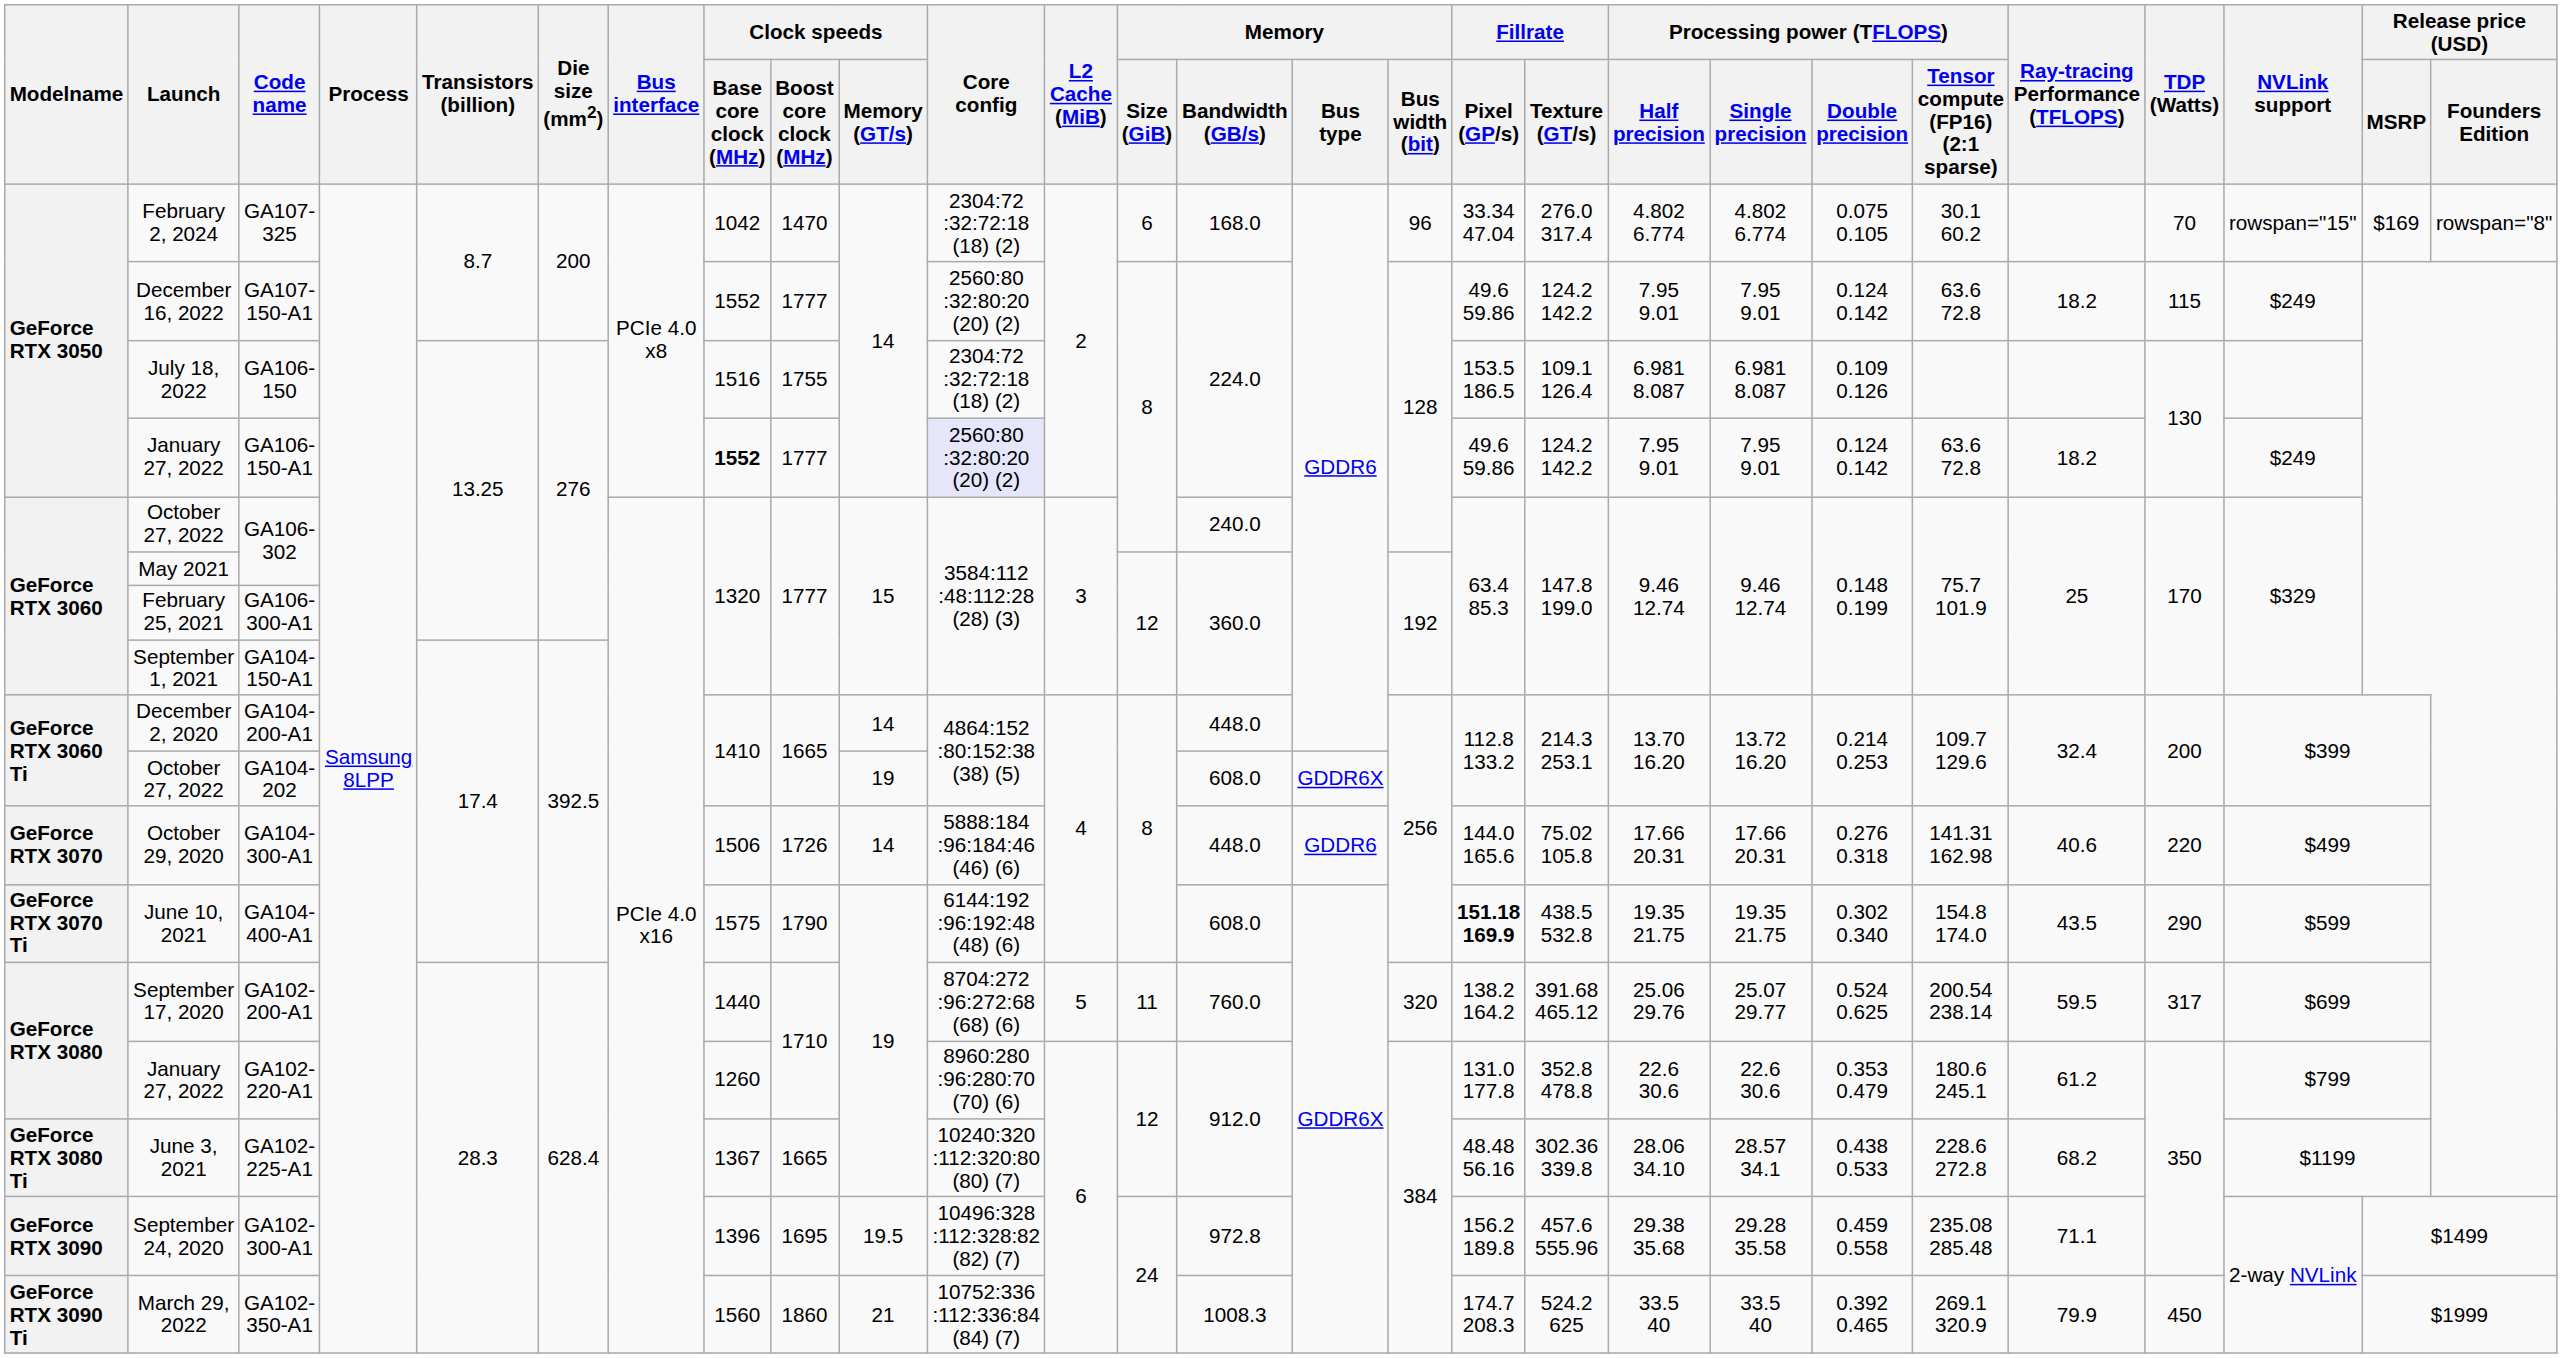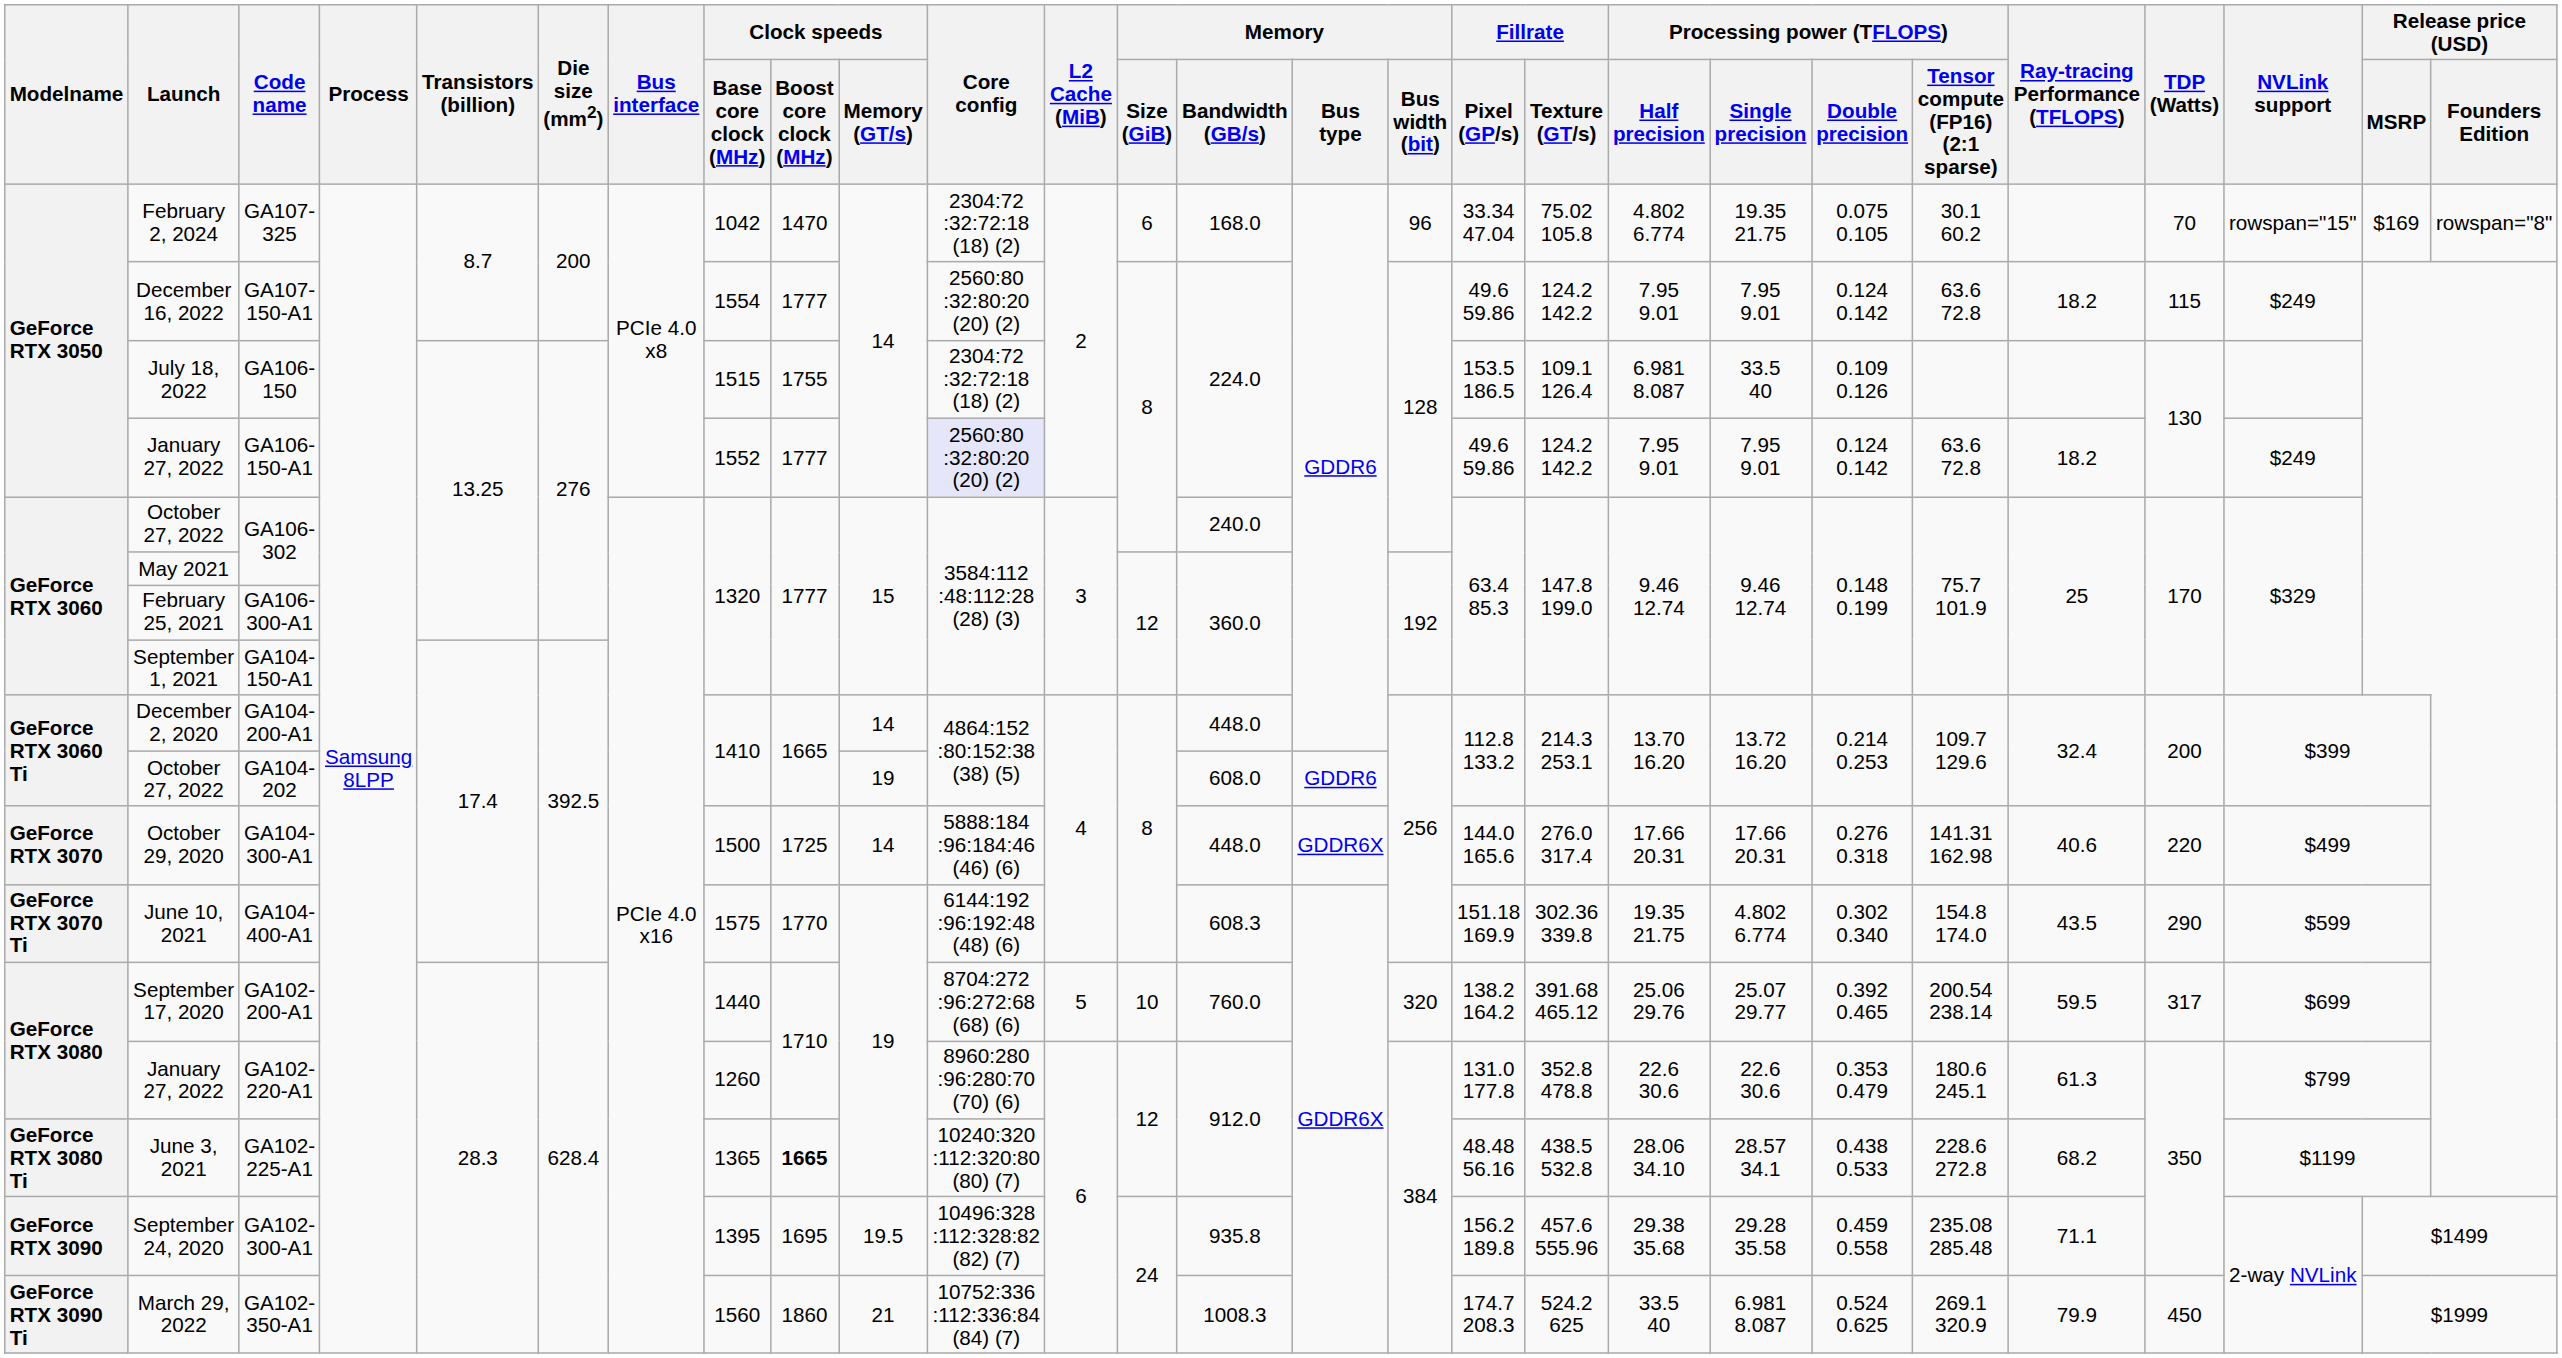 <table class="mw-datatable wikitable sortable sort-under" style="font-size:85%; text-align:center;">
 <tr>
 <th rowspan="2">Modelname</th>
 <th rowspan="2">Launch</th>
 <th rowspan="2"><a href='#'>Code name</a></th>
 <th rowspan="2">Process</th>
 <th rowspan="2">Transistors (billion)</th>
 <th rowspan="2">Die size (mm<sup>2</sup>)</th>
 <th rowspan="2"><a href='#'>Bus</a> <a href='#'>interface</a></th>
 <th colspan="3">Clock speeds</th>
 <th rowspan="2">Core config </th>
 <th rowspan="2"><a href='#'>L2 Cache</a><br>(<a href='#'>MiB</a>)</th>
 <th colspan="4">Memory</th>
 <th colspan="2"><a href='#'>Fillrate</a></th>
 <th colspan="4">Processing power (T<a href='#'>FLOPS</a>)</th>
 <th rowspan="2"><a href='#'>Ray-tracing</a> Performance (<a href='#'>TFLOPS</a>)</th>
 <th rowspan="2"><a href='#'>TDP</a> (Watts)</th>
 <th rowspan="2"><a href='#'>NVLink</a> support</th>
 <th colspan="2">Release price (USD)</th>
 </tr>
 <tr>
 <th>Base core clock (<a href='#'>MHz</a>)</th>
 <th>Boost core clock (<a href='#'>MHz</a>)</th>
 <th>Memory (<a href='#'>GT/s</a>)</th>
 <th>Size (<a href='#'>GiB</a>)</th>
 <th>Bandwidth (<a href='#'>GB/s</a>)</th>
 <th>Bus type</th>
 <th>Bus width (<a href='#'>bit</a>)</th>
 <th>Pixel (<a href='#'>GP</a>/s)</th>
 <th>Texture (<a href='#'>GT</a>/s)</th>
 <th><a href='#'>Half precision</a></th>
 <th><a href='#'>Single precision</a></th>
 <th><a href='#'>Double precision</a></th>
 <th><a href='#'>Tensor</a> compute (FP16) (2:1 sparse)</th>
 <th>MSRP</th>
 <th>Founders Edition</th>
 </tr>
 <tr>
 <th style="text-align:left;" rowspan="4">GeForce RTX 3050 </th>
 <td>February 2, 2024</td>
 <td>GA107-325</td>
 <td rowspan="17"><a href='#'>Samsung</a><br><a href='#'>8LPP</a></td>
 <td rowspan="2">8.7</td>
 <td rowspan="2">200</td>
 <td rowspan="4">PCIe 4.0<br>x8</td>
 <td rowspan="1">1042</td>
 <td rowspan="1">1470</td>
 <td rowspan="4">14</td>
 <td rowspan="1">2304:72 :32:72:18 <br>(18) (2)</td>
 <td rowspan="4">2</td>
 <td rowspan="1">6</td>
 <td rowspan="1">168.0</td>
 <td rowspan="9"><a href='#'>GDDR6</a></td>
 <td rowspan="1">96</td>
 <td rowspan="1">33.34<br>47.04</td>
-<td>276.0<br>317.4</td>
+<td rowspan="1">75.02<br>105.8</td>
 <td rowspan="1">4.802<br>6.774</td>
-<td rowspan="1">4.802<br>6.774</td>
+<td>19.35<br>21.75</td>
 <td rowspan="1">0.075<br>0.105</td>
 <td rowspan="1">30.1<br>60.2</td>
 <td rowspan="1"></td>
 <td>70</td>
 <td>rowspan="15" </td>
 <td rowspan="1">$169</td>
 <td>rowspan="8" </td>
 </tr>
 <tr>
 <td>December 16, 2022</td>
 <td>GA107-150-A1</td>
-<td rowspan="1">1552</td>
+<td rowspan="1">1554</td>
 <td rowspan="1">1777</td>
 <td rowspan="1">2560:80 :32:80:20 <br>(20) (2)</td>
 <td rowspan="4">8</td>
 <td rowspan="3">224.0</td>
 <td rowspan="4">128</td>
 <td rowspan="1">49.6<br>59.86</td>
 <td rowspan="1">124.2<br>142.2</td>
 <td rowspan="1">7.95<br>9.01</td>
 <td rowspan="1">7.95<br>9.01</td>
 <td rowspan="1">0.124<br>0.142</td>
 <td rowspan="1">63.6<br>72.8</td>
 <td rowspan="1">18.2</td>
 <td>115</td>
 <td rowspan="1">$249</td>
 </tr>
 <tr>
 <td>July 18, 2022</td>
 <td>GA106-150</td>
 <td rowspan="5">13.25</td>
 <td rowspan="5">276</td>
-<td rowspan="1">1516</td>
+<td rowspan="1">1515</td>
 <td rowspan="1">1755</td>
 <td rowspan="1">2304:72 :32:72:18 <br>(18) (2)</td>
 <td>153.5<br>186.5</td>
 <td rowspan="1">109.1<br>126.4</td>
 <td rowspan="1">6.981<br>8.087</td>
-<td rowspan="1">6.981<br>8.087</td>
+<td>33.5<br>40</td>
 <td rowspan="1">0.109<br>0.126</td>
 <td rowspan="1"></td>
 <td rowspan="1"></td>
 <td rowspan="2">130</td>
 <td> </td>
 </tr>
 <tr>
 <td>January 27, 2022 </td>
 <td>GA106-150-A1</td>
-<td rowspan="1"><strong>1552</strong></td>
+<td rowspan="1">1552</td>
 <td rowspan="1">1777</td>
 <td rowspan="1" style="background: lavender;">2560:80 :32:80:20 <br>(20) (2)</td>
 <td rowspan="1">49.6<br>59.86</td>
 <td rowspan="1">124.2<br>142.2</td>
 <td rowspan="1">7.95<br>9.01</td>
 <td rowspan="1">7.95<br>9.01</td>
 <td rowspan="1">0.124<br>0.142</td>
 <td rowspan="1">63.6<br>72.8</td>
 <td rowspan="1">18.2</td>
 <td rowspan="1">$249</td>
 </tr>
 <tr>
 <th style="text-align:left;" rowspan="4">GeForce RTX 3060 </th>
 <td>October 27, 2022 </td>
 <td rowspan="2">GA106-302</td>
 <td rowspan="13">PCIe 4.0<br>x16</td>
 <td rowspan="4">1320</td>
 <td rowspan="4">1777</td>
 <td rowspan="4">15</td>
 <td rowspan="4">3584:112 :48:112:28 <br>(28) (3)</td>
 <td rowspan="4">3</td>
 <td>240.0</td>
 <td rowspan="4">63.4<br>85.3</td>
 <td rowspan="4">147.8<br>199.0</td>
 <td rowspan="4">9.46<br>12.74</td>
 <td rowspan="4">9.46<br>12.74</td>
 <td rowspan="4">0.148<br>0.199</td>
 <td rowspan="4">75.7<br>101.9</td>
 <td rowspan="4">25</td>
 <td rowspan="4">170</td>
 <td rowspan="4">$329</td>
 </tr>
 <tr / *** 3060***>
 <td>May 2021</td>
 <td rowspan="3">12</td>
 <td rowspan="3">360.0</td>
 <td rowspan="3">192</td>
 </tr>
 <tr / *** 3060***>
 <td>February 25, 2021</td>
 <td>GA106-300-A1</td>
 </tr>
 <tr>
 <td>September 1, 2021</td>
 <td>GA104-150-A1 </td>
 <td rowspan="5">17.4</td>
 <td rowspan="5">392.5</td>
 </tr>
 <tr 3060 / ***>
 <th rowspan="2" style="text-align:left;">GeForce RTX 3060 Ti </th>
 <td>December 2, 2020</td>
 <td>GA104-200-A1</td>
 <td rowspan="2">1410</td>
 <td rowspan="2">1665</td>
 <td>14</td>
 <td rowspan="2">4864:152 :80:152:38 <br>(38) (5)</td>
 <td rowspan="4">4</td>
 <td rowspan="4">8</td>
 <td>448.0</td>
 <td rowspan="4">256</td>
 <td rowspan="2">112.8<br>133.2</td>
 <td rowspan="2">214.3<br>253.1</td>
 <td rowspan="2">13.70<br>16.20</td>
 <td rowspan="2">13.72<br>16.20</td>
 <td rowspan="2">0.214<br>0.253</td>
 <td rowspan="2">109.7<br>129.6</td>
 <td rowspan="2">32.4</td>
 <td rowspan="2">200</td>
 <td colspan="2" rowspan="2">$399</td>
 </tr>
 <tr>
 <td>October 27, 2022 </td>
 <td>GA104-202</td>
 <td>19</td>
 <td>608.0</td>
-<td><a href='#'>GDDR6X</a></td>
+<td><a href='#'>GDDR6</a></td>
 </tr>
 <tr 3070 / ***>
 <th style="text-align:left;">GeForce RTX 3070 </th>
 <td>October 29, 2020 </td>
 <td>GA104-300-A1</td>
-<td>1506</td>
-<td>1726</td>
+<td>1500</td>
+<td>1725</td>
 <td>14</td>
 <td>5888:184 :96:184:46 <br>(46) (6)</td>
 <td>448.0</td>
-<td><a href='#'>GDDR6</a></td>
+<td><a href='#'>GDDR6X</a></td>
 <td>144.0<br>165.6</td>
-<td rowspan="1">75.02<br>105.8</td>
+<td>276.0<br>317.4</td>
 <td>17.66<br>20.31</td>
 <td>17.66<br>20.31</td>
 <td>0.276<br>0.318</td>
 <td>141.31<br>162.98</td>
 <td>40.6</td>
 <td>220</td>
 <td colspan="2">$499</td>
 </tr>
 <tr /*** Ti***/>
 <th style="text-align:left;">GeForce RTX 3070 Ti </th>
 <td>June 10, 2021</td>
 <td>GA104-400-A1</td>
 <td>1575</td>
-<td>1790</td>
+<td>1770</td>
 <td rowspan="4">19</td>
 <td>6144:192 :96:192:48 <br>(48) (6)</td>
-<td>608.0</td>
+<td>608.3</td>
 <td rowspan="6"><a href='#'>GDDR6X</a></td>
-<td><strong>151.18<br>169.9</strong></td>
-<td>438.5<br>532.8</td>
+<td>151.18<br>169.9</td>
+<td>302.36<br>339.8</td>
 <td>19.35<br>21.75</td>
-<td>19.35<br>21.75</td>
+<td rowspan="1">4.802<br>6.774</td>
 <td>0.302<br>0.340</td>
 <td>154.8<br>174.0</td>
 <td>43.5</td>
 <td>290</td>
 <td colspan=2>$599</td>
 </tr>
 <tr /*** 3080 ***/>
 <th rowspan="2" style="text-align:left;">GeForce RTX 3080 </th>
 <td>September 17, 2020</td>
 <td>GA102-200-A1</td>
 <td rowspan="5">28.3</td>
 <td rowspan="5">628.4</td>
 <td>1440</td>
 <td rowspan="2">1710</td>
 <td>8704:272 :96:272:68 <br>(68) (6)</td>
 <td>5</td>
-<td>11</td>
+<td>10</td>
 <td>760.0</td>
 <td>320</td>
 <td>138.2<br>164.2</td>
 <td>391.68<br>465.12</td>
 <td>25.06<br>29.76</td>
 <td>25.07<br>29.77</td>
-<td>0.524<br>0.625</td>
+<td>0.392<br>0.465</td>
 <td>200.54<br>238.14</td>
 <td>59.5</td>
 <td>317</td>
 <td colspan=2>$699</td>
 </tr>
 <tr>
 <td>January 27, 2022</td>
 <td>GA102-220-A1</td>
 <td>1260</td>
 <td>8960:280 :96:280:70 <br>(70) (6)</td>
 <td rowspan="4">6</td>
 <td rowspan="2">12</td>
 <td rowspan="2">912.0</td>
 <td rowspan="4">384</td>
 <td>131.0<br>177.8</td>
 <td>352.8<br>478.8</td>
 <td>22.6<br>30.6</td>
 <td>22.6<br>30.6</td>
 <td>0.353<br>0.479</td>
 <td>180.6<br>245.1</td>
-<td>61.2</td>
+<td>61.3</td>
 <td rowspan="3">350</td>
 <td colspan=2>$799</td>
 </tr>
 <tr 3080 / ***>
 <th style="text-align:left;">GeForce RTX 3080 Ti </th>
 <td>June 3, 2021</td>
 <td>GA102-225-A1</td>
-<td>1367</td>
-<td>1665</td>
+<td>1365</td>
+<td><strong>1665</strong></td>
 <td>10240:320 :112:320:80 <br>(80) (7)</td>
 <td rowspan="1">48.48<br>56.16</td>
-<td>302.36<br>339.8</td>
+<td>438.5<br>532.8</td>
 <td>28.06<br>34.10</td>
 <td>28.57<br>34.1</td>
 <td>0.438<br>0.533</td>
 <td>228.6<br>272.8</td>
 <td>68.2</td>
 <td colspan=2>$1199</td>
 </tr>
 <tr 3090 / ***>
 <th style="text-align:left;">GeForce RTX 3090 </th>
 <td>September 24, 2020</td>
 <td>GA102-300-A1</td>
-<td>1396</td>
+<td>1395</td>
 <td>1695</td>
 <td>19.5</td>
 <td>10496:328 :112:328:82 <br>(82) (7)</td>
 <td rowspan="2">24</td>
-<td>972.8</td>
+<td>935.8</td>
 <td>156.2<br>189.8</td>
 <td>457.6<br>555.96</td>
 <td>29.38<br>35.68</td>
 <td>29.28<br>35.58</td>
 <td>0.459<br>0.558</td>
 <td>235.08<br>285.48</td>
 <td>71.1</td>
 <td rowspan="2">2-way <a href='#'>NVLink</a></td>
 <td colspan=2>$1499</td>
 </tr>
 <tr 3090 / ***>
 <th style="text-align:left;">GeForce RTX 3090 Ti </th>
 <td>March 29, 2022</td>
 <td>GA102-350-A1</td>
 <td>1560</td>
 <td>1860</td>
 <td>21</td>
 <td>10752:336 :112:336:84 <br>(84) (7)</td>
 <td>1008.3</td>
 <td>174.7<br>208.3</td>
 <td>524.2<br>625</td>
 <td>33.5<br>40</td>
-<td>33.5<br>40</td>
-<td>0.392<br>0.465</td>
+<td rowspan="1">6.981<br>8.087</td>
+<td>0.524<br>0.625</td>
 <td>269.1<br>320.9</td>
 <td>79.9</td>
 <td>450</td>
 <td colspan=2>$1999</td>
 </tr>
 </table>
